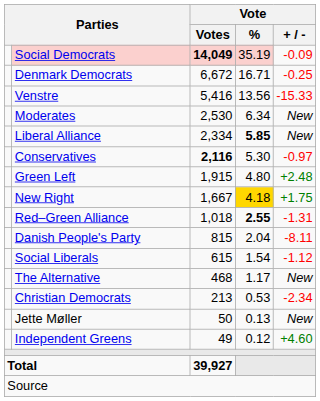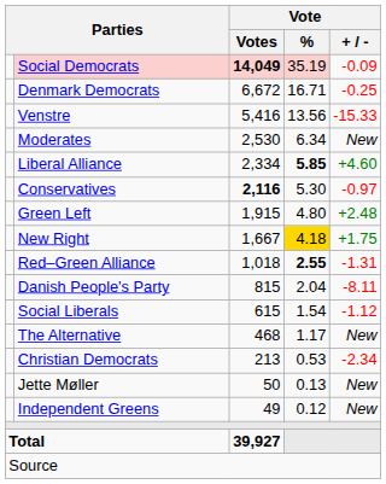 <table class="wikitable" style="text-align:right;">
 <tr>
 <th style="text-align:centre;" rowspan="2" colspan="2" width="225">Parties</th>
 <th colspan="3">Vote</th>
 </tr>
 <tr>
 <th width="15">Votes</th>
 <th width="15">%</th>
 <th width="15">+ / -</th>
 </tr>
 <tr>
 <td width="2" style="color:inherit;background:"></td>
 <td bgcolor=#fbd0ce  align="left"><a href='#'>Social Democrats</a></td>
 <td bgcolor=#fbd0ce><strong>14,049</strong></td>
 <td bgcolor=#fbd0ce>35.19</td>
 <td style=color:red;>-0.09</td>
 </tr>
 <tr>
 <td width="2" style="color:inherit;background:"></td>
 <td align="left"><a href='#'>Denmark Democrats</a></td>
 <td>6,672</td>
 <td>16.71</td>
 <td style=color:red;>-0.25</td>
 </tr>
 <tr>
 <td width="2" style="color:inherit;background:"></td>
 <td align="left"><a href='#'>Venstre</a></td>
 <td>5,416</td>
 <td>13.56</td>
 <td style=color:red;>-15.33</td>
 </tr>
 <tr>
 <td width="2" style="color:inherit;background:"></td>
 <td align="left"><a href='#'>Moderates</a></td>
 <td>2,530</td>
 <td>6.34</td>
 <td><em>New</em></td>
 </tr>
 <tr>
 <td width="2" style="color:inherit;background:"></td>
 <td align="left"><a href='#'>Liberal Alliance</a></td>
 <td>2,334</td>
 <td><strong>5.85</strong></td>
-<td><em>New</em></td>
+<td style=color:green;>+4.60</td>
 </tr>
 <tr>
 <td width="2" style="color:inherit;background:"></td>
 <td align="left"><a href='#'>Conservatives</a></td>
 <td><strong>2,116</strong></td>
 <td>5.30</td>
 <td style=color:red;>-0.97</td>
 </tr>
 <tr>
 <td width="2" style="color:inherit;background:"></td>
 <td align="left"><a href='#'>Green Left</a></td>
 <td>1,915</td>
 <td>4.80</td>
 <td style=color:green;>+2.48</td>
 </tr>
 <tr>
 <td width="2" style="color:inherit;background:"></td>
 <td align="left"><a href='#'>New Right</a></td>
 <td>1,667</td>
 <td style="background: gold;">4.18</td>
 <td style=color:green;>+1.75</td>
 </tr>
 <tr>
 <td width="2" style="color:inherit;background:"></td>
 <td align="left"><a href='#'>Red–Green Alliance</a></td>
 <td>1,018</td>
 <td><strong>2.55</strong></td>
 <td style=color:red;>-1.31</td>
 </tr>
 <tr>
 <td width="2" style="color:inherit;background:"></td>
 <td align="left"><a href='#'>Danish People's Party</a></td>
 <td>815</td>
 <td>2.04</td>
 <td style=color:red;>-8.11</td>
 </tr>
 <tr>
 <td width="2" style="color:inherit;background:"></td>
 <td align="left"><a href='#'>Social Liberals</a></td>
 <td>615</td>
 <td>1.54</td>
 <td style=color:red;>-1.12</td>
 </tr>
 <tr>
 <td width="2" style="color:inherit;background:"></td>
 <td align="left"><a href='#'>The Alternative</a></td>
 <td>468</td>
 <td>1.17</td>
 <td><em>New</em></td>
 </tr>
 <tr>
 <td width="2" style="color:inherit;background:"></td>
 <td align="left"><a href='#'>Christian Democrats</a></td>
 <td>213</td>
 <td>0.53</td>
 <td style=color:red;>-2.34</td>
 </tr>
 <tr>
 <td width="2" style="color:inherit;background:"></td>
 <td align="left">Jette Møller</td>
 <td>50</td>
 <td>0.13</td>
 <td><em>New</em></td>
 </tr>
 <tr>
 <td width="2" style="color:inherit;background:"></td>
 <td align="left"><a href='#'>Independent Greens</a></td>
 <td>49</td>
 <td>0.12</td>
-<td style=color:green;>+4.60</td>
+<td><em>New</em></td>
 </tr>
 <tr>
 <td colspan="7" bgcolor="#E9E9E9"></td>
 </tr>
 <tr>
 <td align="left" colspan="2"><strong>Total</strong></td>
 <td><strong>39,927</strong></td>
 <td bgcolor="#E9E9E9" colspan="2"></td>
 </tr>
 <tr>
 <td align="left" colspan="6">Source</td>
 </tr>
 </table>
